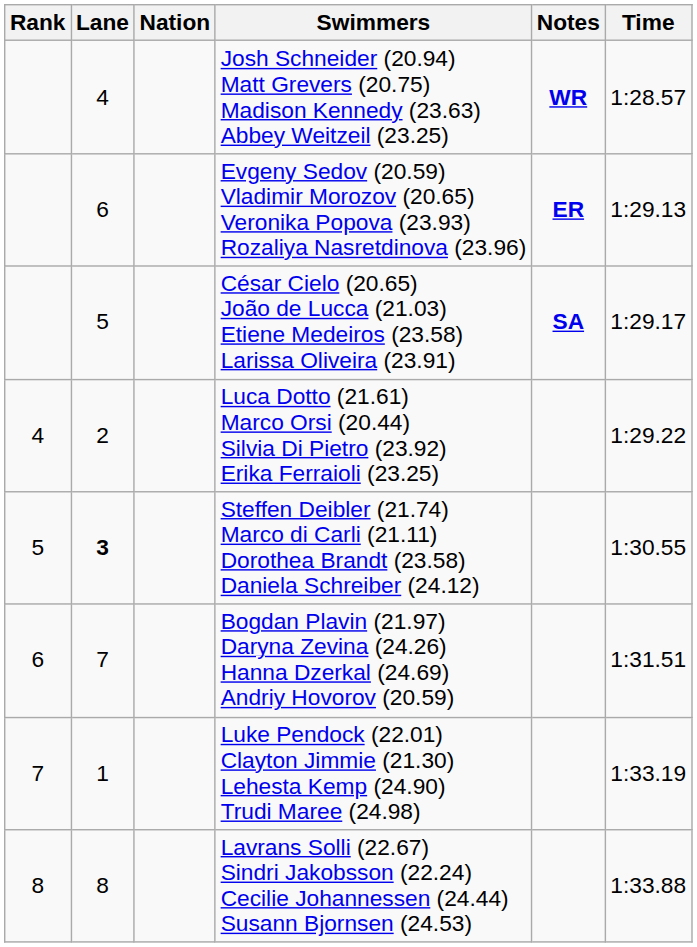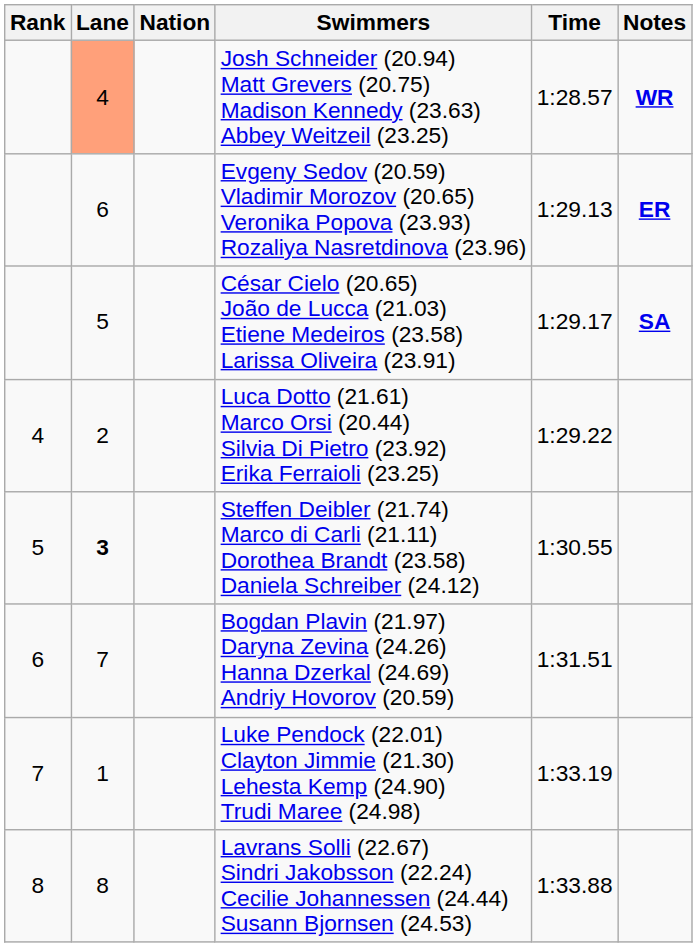 <table class="wikitable sortable" style="text-align:center">
 <tr>
 <th>Rank</th>
 <th>Lane</th>
 <th>Nation</th>
 <th>Swimmers</th>
+<th>Time</th>
 <th>Notes</th>
-<th>Time</th>
 </tr>
 <tr>
 <td></td>
-<td>4</td>
+<td style="background: lightsalmon;">4</td>
 <td align=left></td>
 <td align=left><a href='#'>Josh Schneider</a> (20.94)<br><a href='#'>Matt Grevers</a> (20.75)<br><a href='#'>Madison Kennedy</a> (23.63)<br><a href='#'>Abbey Weitzeil</a> (23.25)</td>
+<td>1:28.57</td>
 <td><strong><a href='#'>WR</a></strong></td>
-<td>1:28.57</td>
 </tr>
 <tr>
 <td></td>
 <td>6</td>
 <td align=left></td>
 <td align=left><a href='#'>Evgeny Sedov</a> (20.59)<br><a href='#'>Vladimir Morozov</a> (20.65)<br><a href='#'>Veronika Popova</a> (23.93)<br><a href='#'>Rozaliya Nasretdinova</a> (23.96)</td>
+<td>1:29.13</td>
 <td><strong><a href='#'>ER</a></strong></td>
-<td>1:29.13</td>
 </tr>
 <tr>
 <td></td>
 <td>5</td>
 <td align=left></td>
 <td align=left><a href='#'>César Cielo</a> (20.65)<br><a href='#'>João de Lucca</a> (21.03)<br><a href='#'>Etiene Medeiros</a> (23.58)<br><a href='#'>Larissa Oliveira</a> (23.91)</td>
+<td>1:29.17</td>
 <td><strong><a href='#'>SA</a></strong></td>
-<td>1:29.17</td>
 </tr>
 <tr>
 <td>4</td>
 <td>2</td>
 <td align=left></td>
 <td align=left><a href='#'>Luca Dotto</a> (21.61)<br><a href='#'>Marco Orsi</a> (20.44)<br><a href='#'>Silvia Di Pietro</a> (23.92)<br><a href='#'>Erika Ferraioli</a> (23.25)</td>
+<td>1:29.22</td>
 <td></td>
-<td>1:29.22</td>
 </tr>
 <tr>
 <td>5</td>
 <td><strong>3</strong></td>
 <td align=left></td>
 <td align=left><a href='#'>Steffen Deibler</a> (21.74)<br><a href='#'>Marco di Carli</a> (21.11)<br><a href='#'>Dorothea Brandt</a> (23.58)<br><a href='#'>Daniela Schreiber</a> (24.12)</td>
+<td>1:30.55</td>
 <td></td>
-<td>1:30.55</td>
 </tr>
 <tr>
 <td>6</td>
 <td>7</td>
 <td align=left></td>
 <td align=left><a href='#'>Bogdan Plavin</a> (21.97)<br><a href='#'>Daryna Zevina</a> (24.26)<br><a href='#'>Hanna Dzerkal</a> (24.69)<br><a href='#'>Andriy Hovorov</a> (20.59)</td>
+<td>1:31.51</td>
 <td></td>
-<td>1:31.51</td>
 </tr>
 <tr>
 <td>7</td>
 <td>1</td>
 <td align=left></td>
 <td align=left><a href='#'>Luke Pendock</a> (22.01)<br><a href='#'>Clayton Jimmie</a> (21.30)<br><a href='#'>Lehesta Kemp</a> (24.90)<br><a href='#'>Trudi Maree</a> (24.98)</td>
+<td>1:33.19</td>
 <td></td>
-<td>1:33.19</td>
 </tr>
 <tr>
 <td>8</td>
 <td>8</td>
 <td align=left></td>
 <td align=left><a href='#'>Lavrans Solli</a> (22.67)<br><a href='#'>Sindri Jakobsson</a> (22.24)<br><a href='#'>Cecilie Johannessen</a> (24.44)<br><a href='#'>Susann Bjornsen</a> (24.53)</td>
+<td>1:33.88</td>
 <td></td>
-<td>1:33.88</td>
 </tr>
 </table>
